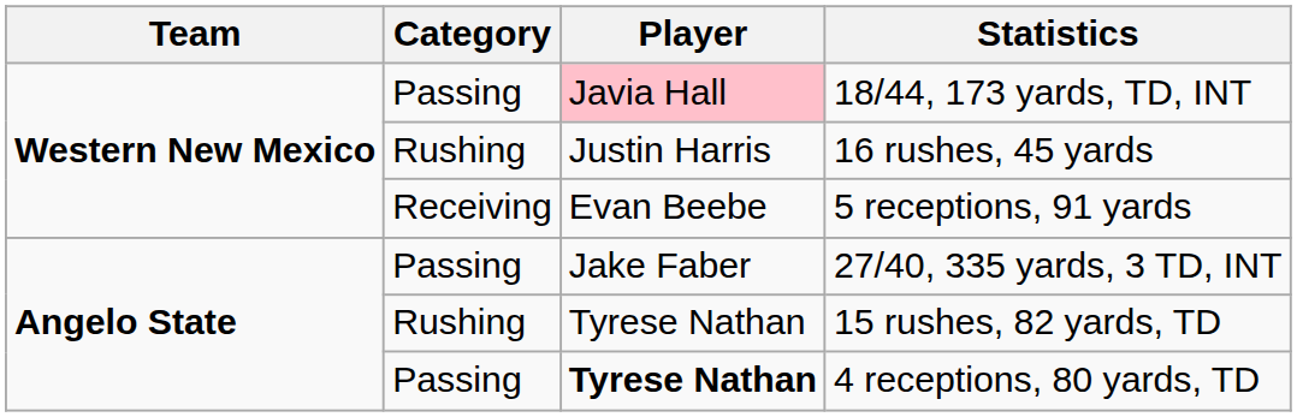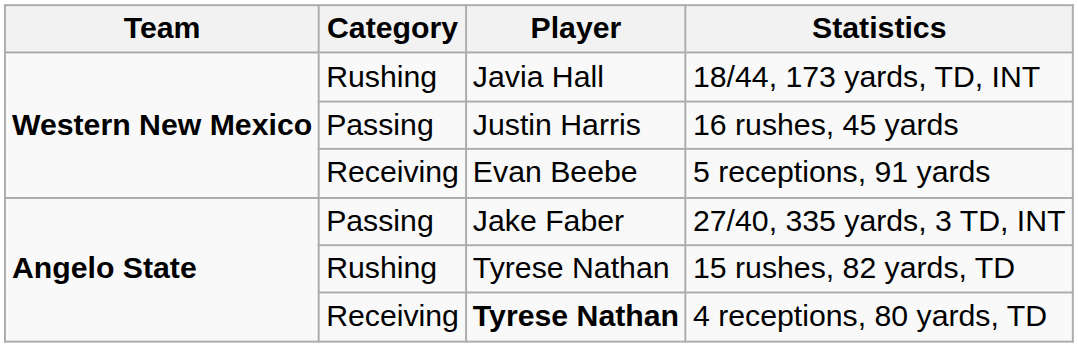 <table class="wikitable" style="float: left;">
 <tr>
 <th>Team</th>
 <th>Category</th>
 <th>Player</th>
 <th>Statistics</th>
 </tr>
 <tr>
 <td rowspan=3><strong>Western New Mexico</strong></td>
-<td>Passing</td>
-<td style="background: pink;">Javia Hall</td>
+<td>Rushing</td>
+<td>Javia Hall</td>
 <td>18/44, 173 yards, TD, INT</td>
 </tr>
 <tr>
-<td>Rushing</td>
+<td>Passing</td>
 <td>Justin Harris</td>
 <td>16 rushes, 45 yards</td>
 </tr>
 <tr>
 <td>Receiving</td>
 <td>Evan Beebe</td>
 <td>5 receptions, 91 yards</td>
 </tr>
 <tr>
 <td rowspan=3><strong>Angelo State</strong></td>
 <td>Passing</td>
 <td>Jake Faber</td>
 <td>27/40, 335 yards, 3 TD, INT</td>
 </tr>
 <tr>
 <td>Rushing</td>
 <td>Tyrese Nathan</td>
 <td>15 rushes, 82 yards, TD</td>
 </tr>
 <tr>
-<td>Passing</td>
+<td>Receiving</td>
 <td><strong>Tyrese Nathan</strong></td>
 <td>4 receptions, 80 yards, TD</td>
 </tr>
 </table>
